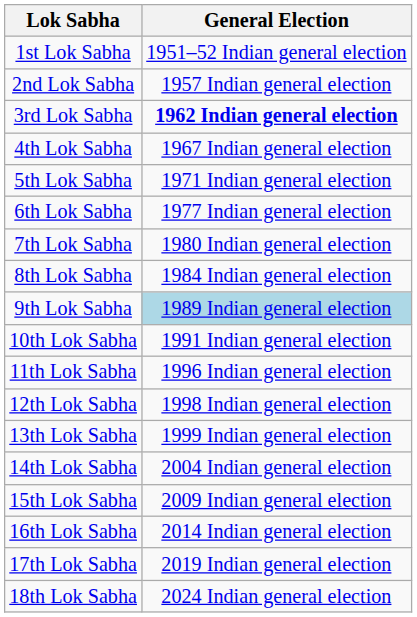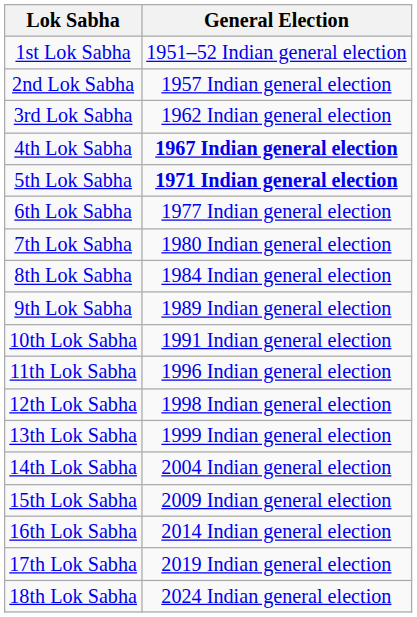 <table class="wikitable" style="text-align:center;">
 <tr>
 <th>Lok Sabha</th>
 <th>General Election</th>
 </tr>
 <tr>
 <td><a href='#'>1st Lok Sabha</a></td>
 <td><a href='#'>1951–52 Indian general election</a></td>
 </tr>
 <tr>
 <td><a href='#'>2nd Lok Sabha</a></td>
 <td><a href='#'>1957 Indian general election</a></td>
 </tr>
 <tr>
 <td><a href='#'>3rd Lok Sabha</a></td>
-<td><strong><a href='#'>1962 Indian general election</a></strong></td>
+<td><a href='#'>1962 Indian general election</a></td>
 </tr>
 <tr>
 <td><a href='#'>4th Lok Sabha</a></td>
-<td><a href='#'>1967 Indian general election</a></td>
+<td><strong><a href='#'>1967 Indian general election</a></strong></td>
 </tr>
 <tr>
 <td><a href='#'>5th Lok Sabha</a></td>
-<td><a href='#'>1971 Indian general election</a></td>
+<td><strong><a href='#'>1971 Indian general election</a></strong></td>
 </tr>
 <tr>
 <td><a href='#'>6th Lok Sabha</a></td>
 <td><a href='#'>1977 Indian general election</a></td>
 </tr>
 <tr>
 <td><a href='#'>7th Lok Sabha</a></td>
 <td><a href='#'>1980 Indian general election</a></td>
 </tr>
 <tr>
 <td><a href='#'>8th Lok Sabha</a></td>
 <td><a href='#'>1984 Indian general election</a></td>
 </tr>
 <tr>
 <td><a href='#'>9th Lok Sabha</a></td>
-<td style="background: lightblue;"><a href='#'>1989 Indian general election</a></td>
+<td><a href='#'>1989 Indian general election</a></td>
 </tr>
 <tr>
 <td><a href='#'>10th Lok Sabha</a></td>
 <td><a href='#'>1991 Indian general election</a></td>
 </tr>
 <tr>
 <td><a href='#'>11th Lok Sabha</a></td>
 <td><a href='#'>1996 Indian general election</a></td>
 </tr>
 <tr>
 <td><a href='#'>12th Lok Sabha</a></td>
 <td><a href='#'>1998 Indian general election</a></td>
 </tr>
 <tr>
 <td><a href='#'>13th Lok Sabha</a></td>
 <td><a href='#'>1999 Indian general election</a></td>
 </tr>
 <tr>
 <td><a href='#'>14th Lok Sabha</a></td>
 <td><a href='#'>2004 Indian general election</a></td>
 </tr>
 <tr>
 <td><a href='#'>15th Lok Sabha</a></td>
 <td><a href='#'>2009 Indian general election</a></td>
 </tr>
 <tr>
 <td><a href='#'>16th Lok Sabha</a></td>
 <td><a href='#'>2014 Indian general election</a></td>
 </tr>
 <tr>
 <td><a href='#'>17th Lok Sabha</a></td>
 <td><a href='#'>2019 Indian general election</a></td>
 </tr>
 <tr>
 <td><a href='#'>18th Lok Sabha</a></td>
 <td><a href='#'>2024 Indian general election</a></td>
 </tr>
 </table>
